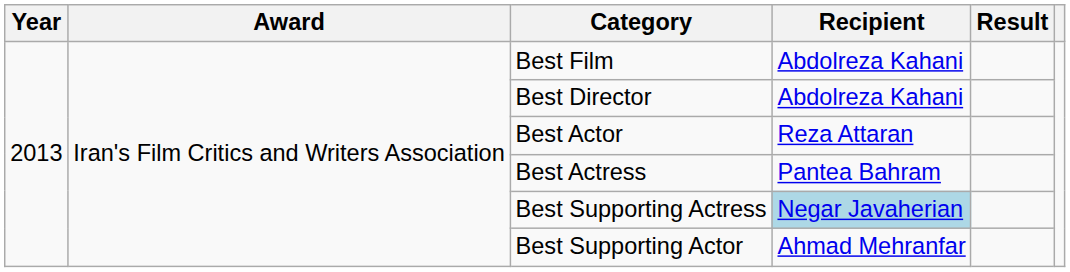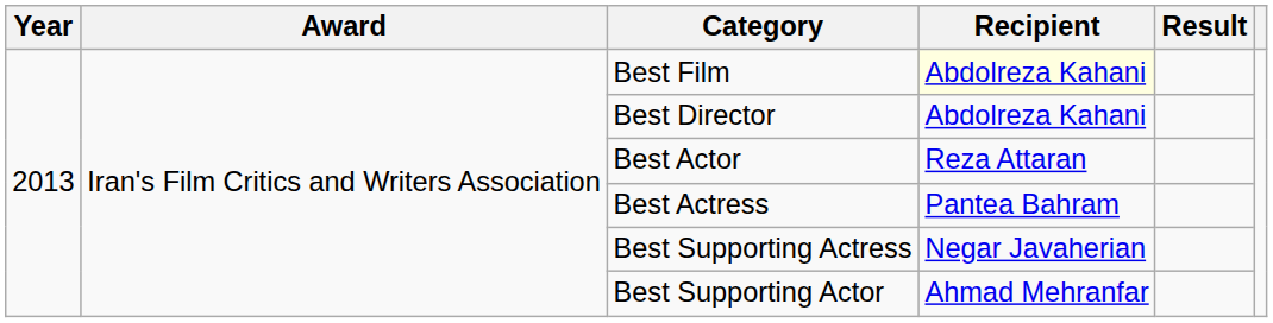 <table class="wikitable">
 <tr>
 <th>Year</th>
 <th>Award</th>
 <th>Category</th>
 <th>Recipient</th>
 <th>Result</th>
 <th></th>
 </tr>
 <tr>
 <td rowspan="6">2013</td>
 <td rowspan="6">Iran's Film Critics and Writers Association</td>
 <td>Best Film</td>
-<td><a href='#'>Abdolreza Kahani</a></td>
+<td style="background: lightyellow;"><a href='#'>Abdolreza Kahani</a></td>
 <td></td>
 <td rowspan="6"></td>
 </tr>
 <tr>
 <td>Best Director</td>
 <td><a href='#'>Abdolreza Kahani</a></td>
 <td></td>
 </tr>
 <tr>
 <td>Best Actor</td>
 <td><a href='#'>Reza Attaran</a></td>
 <td></td>
 </tr>
 <tr>
 <td>Best Actress</td>
 <td><a href='#'>Pantea Bahram</a></td>
 <td></td>
 </tr>
 <tr>
 <td>Best Supporting Actress</td>
-<td style="background: lightblue;"><a href='#'>Negar Javaherian</a></td>
+<td><a href='#'>Negar Javaherian</a></td>
 <td></td>
 </tr>
 <tr>
 <td>Best Supporting Actor</td>
 <td><a href='#'>Ahmad Mehranfar</a></td>
 <td></td>
 </tr>
 </table>
